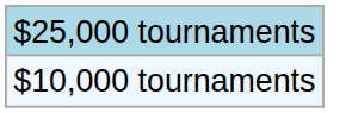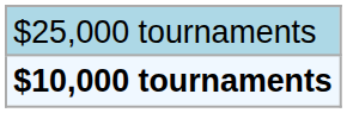 <table class=wikitable style=font-size:85%>
 <tr style="background:lightblue;">
 <td>$25,000 tournaments</td>
 </tr>
 <tr style="background:#f0f8ff;">
-<td>$10,000 tournaments</td>
+<td><strong>$10,000 tournaments</strong></td>
 </tr>
 </table>
